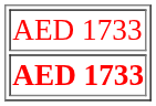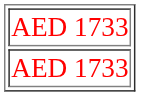 <table border="1">
 <tr ---- size="40">
 <td style="background:white; font-size: 14pt; color: red">AED 1733</td>
 </tr>
 <tr>
-<td style="background:white; font-size: 14pt; color: red"><strong>AED 1733</strong></td>
+<td style="background:white; font-size: 14pt; color: red">AED 1733</td>
 </tr>
 </table>
